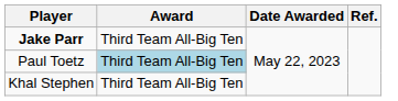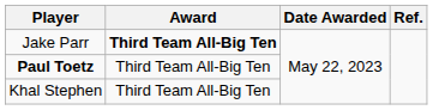 <table class="wikitable sortable sortable" style="text-align: center">
 <tr align=center>
 <th>Player</th>
 <th>Award</th>
 <th>Date Awarded</th>
 <th>Ref.</th>
 </tr>
 <tr>
-<td><strong>Jake Parr</strong></td>
-<td rowspan="1">Third Team All-Big Ten</td>
+<td>Jake Parr</td>
+<td rowspan="1"><strong>Third Team All-Big Ten</strong></td>
 <td rowspan="3">May 22, 2023</td>
 <td rowspan="3"></td>
 </tr>
 <tr>
-<td>Paul Toetz</td>
-<td rowspan="1" style="background: lightblue;">Third Team All-Big Ten</td>
+<td><strong>Paul Toetz</strong></td>
+<td rowspan="1">Third Team All-Big Ten</td>
 </tr>
 <tr>
 <td>Khal Stephen</td>
 <td rowspan="1">Third Team All-Big Ten</td>
 </tr>
 </table>
